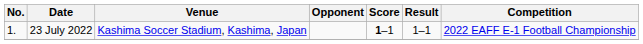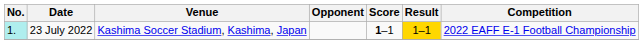 <table class="wikitable">
 <tr>
 <th>No.</th>
 <th>Date</th>
 <th>Venue</th>
 <th>Opponent</th>
 <th>Score</th>
 <th>Result</th>
 <th>Competition</th>
 </tr>
 <tr>
-<td>1.</td>
+<td style="background: paleturquoise;">1.</td>
 <td>23 July 2022</td>
 <td><a href='#'>Kashima Soccer Stadium</a>, <a href='#'>Kashima</a>, <a href='#'>Japan</a></td>
 <td></td>
 <td align=center><strong>1</strong>–1</td>
-<td align=center>1–1</td>
+<td align=center style="background: gold;">1–1</td>
 <td><a href='#'>2022 EAFF E-1 Football Championship</a></td>
 </tr>
 <tr>
 </tr>
 </table>
